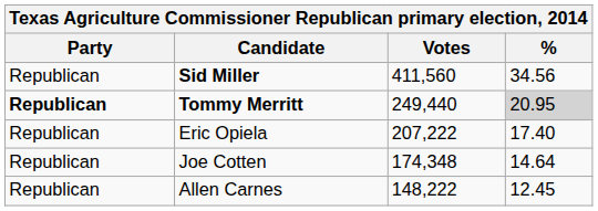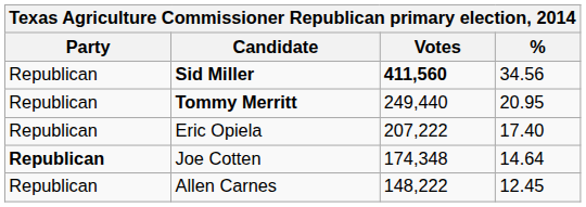 <table class="wikitable">
 <tr>
 <th colspan="4">Texas Agriculture Commissioner Republican primary election, 2014</th>
 </tr>
 <tr>
 <th>Party</th>
 <th>Candidate</th>
 <th>Votes</th>
 <th>%</th>
 </tr>
 <tr>
 <td>Republican</td>
 <td><strong>Sid Miller</strong></td>
-<td>411,560</td>
+<td><strong>411,560</strong></td>
 <td>34.56</td>
 </tr>
 <tr>
-<td><strong>Republican</strong></td>
+<td>Republican</td>
 <td><strong>Tommy Merritt</strong></td>
 <td>249,440</td>
-<td style="background: lightgrey;">20.95</td>
+<td>20.95</td>
 </tr>
 <tr>
 <td>Republican</td>
 <td>Eric Opiela</td>
 <td>207,222</td>
 <td>17.40</td>
 </tr>
 <tr>
-<td>Republican</td>
+<td><strong>Republican</strong></td>
 <td>Joe Cotten</td>
 <td>174,348</td>
 <td>14.64</td>
 </tr>
 <tr>
 <td>Republican</td>
 <td>Allen Carnes</td>
 <td>148,222</td>
 <td>12.45</td>
 </tr>
 </table>
